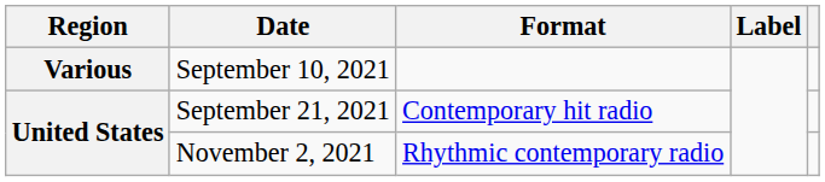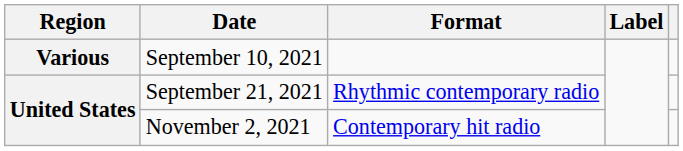 <table class="wikitable plainrowheaders">
 <tr>
 <th scope="col">Region</th>
 <th scope="col">Date</th>
 <th scope="col">Format</th>
 <th scope="col">Label</th>
 <th scope="col"></th>
 </tr>
 <tr>
 <th scope="row">Various</th>
 <td>September 10, 2021</td>
 <td></td>
 <td rowspan="3"></td>
 <td></td>
 </tr>
 <tr>
 <th scope="row" rowspan="2">United States</th>
 <td>September 21, 2021</td>
-<td><a href='#'>Contemporary hit radio</a></td>
+<td><a href='#'>Rhythmic contemporary radio</a></td>
 <td></td>
 </tr>
 <tr>
 <td>November 2, 2021</td>
-<td><a href='#'>Rhythmic contemporary radio</a></td>
+<td><a href='#'>Contemporary hit radio</a></td>
 <td></td>
 </tr>
 </table>
